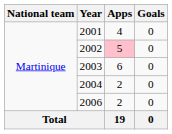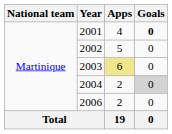 <table class="wikitable" style="text-align:center">
 <tr>
 <th>National team</th>
 <th>Year</th>
 <th>Apps</th>
 <th>Goals</th>
 </tr>
 <tr>
 <td rowspan="5"><a href='#'>Martinique</a></td>
 <td>2001</td>
 <td>4</td>
-<td>0</td>
+<td><strong>0</strong></td>
 </tr>
 <tr>
 <td>2002</td>
-<td style="background: pink;">5</td>
+<td>5</td>
 <td>0</td>
 </tr>
 <tr>
 <td>2003</td>
-<td>6</td>
+<td style="background: khaki;">6</td>
 <td>0</td>
 </tr>
 <tr>
 <td>2004</td>
 <td>2</td>
-<td>0</td>
+<td style="background: lightgrey;">0</td>
 </tr>
 <tr>
 <td>2006</td>
 <td>2</td>
 <td>0</td>
 </tr>
 <tr>
 <th colspan="2">Total</th>
 <th>19</th>
 <th>0</th>
 </tr>
 </table>
